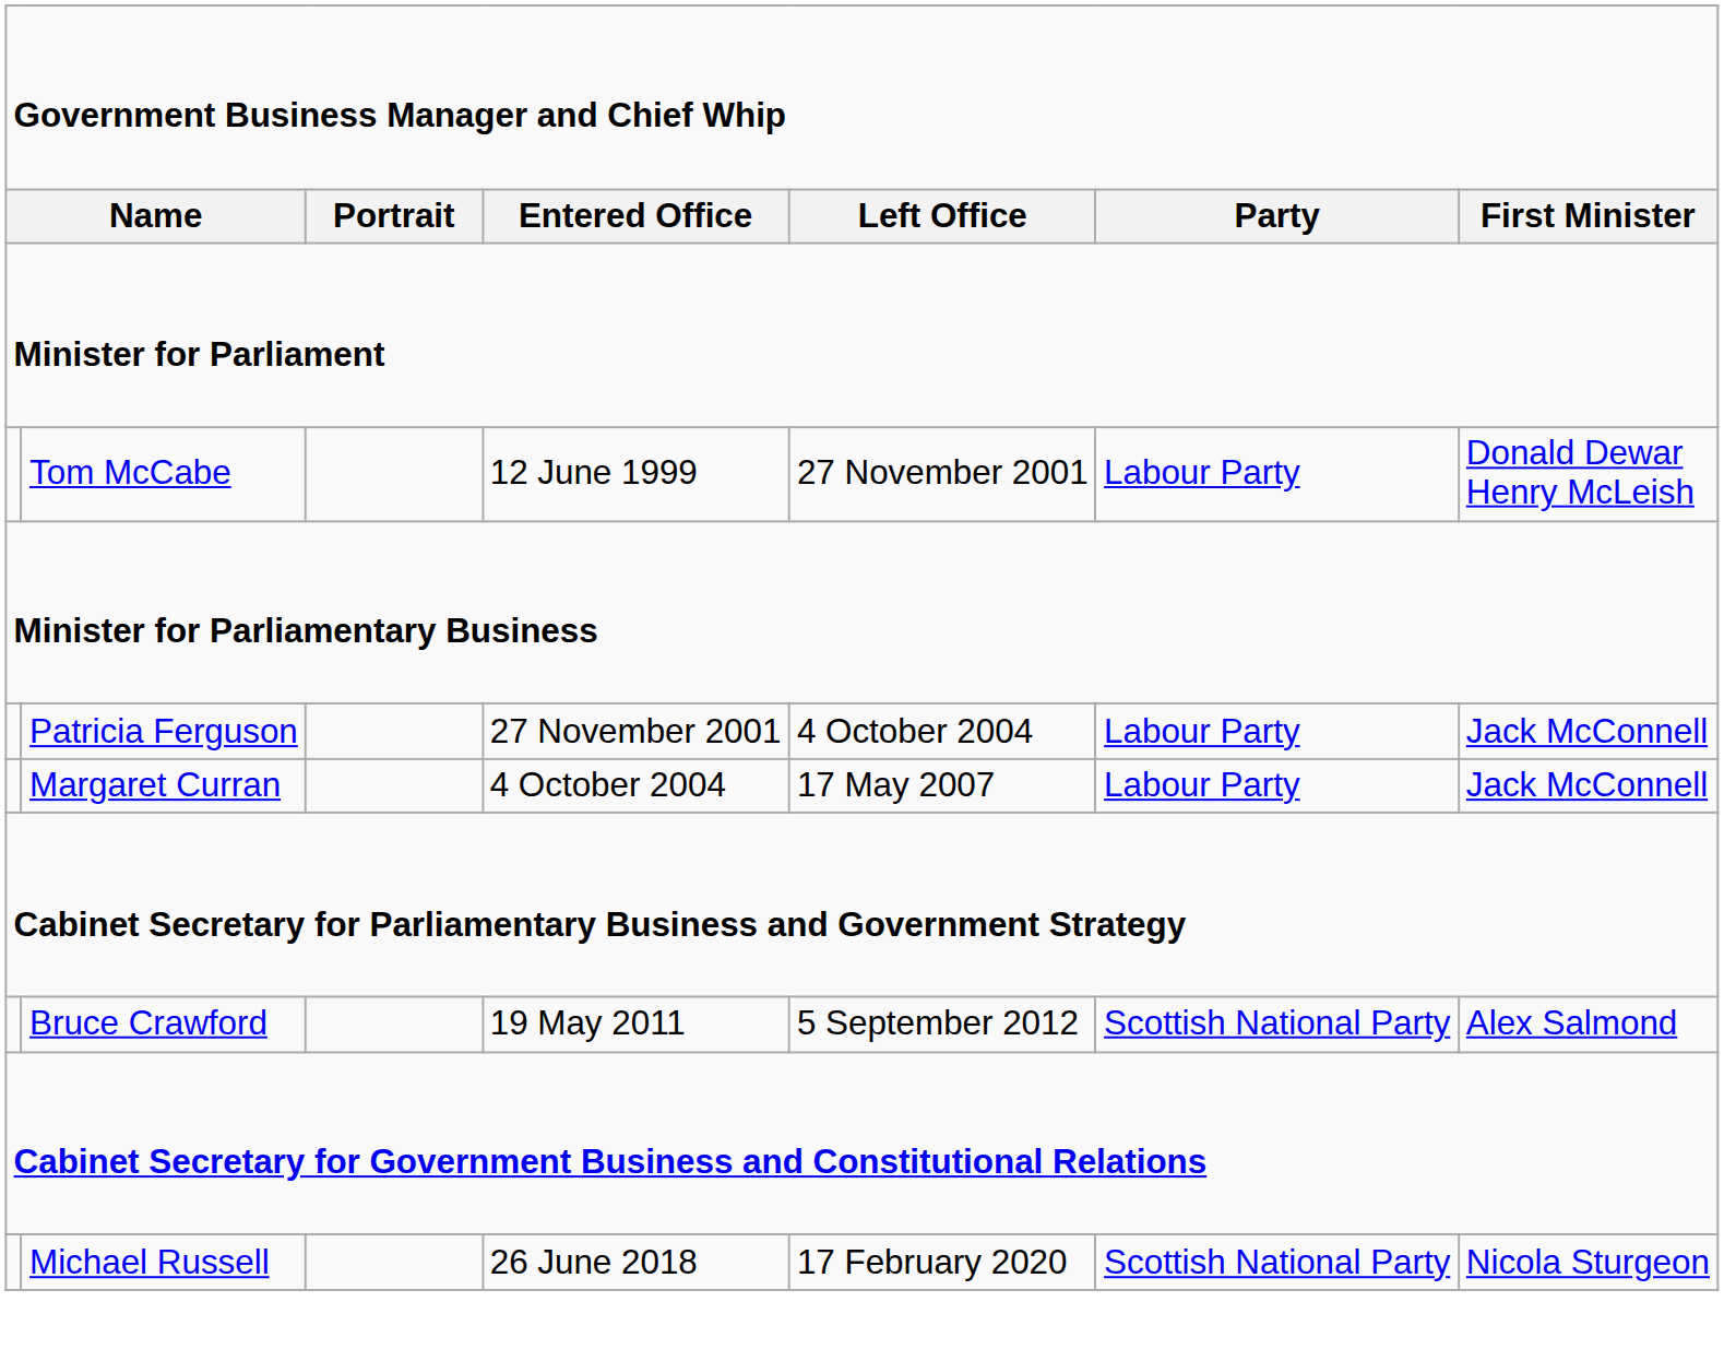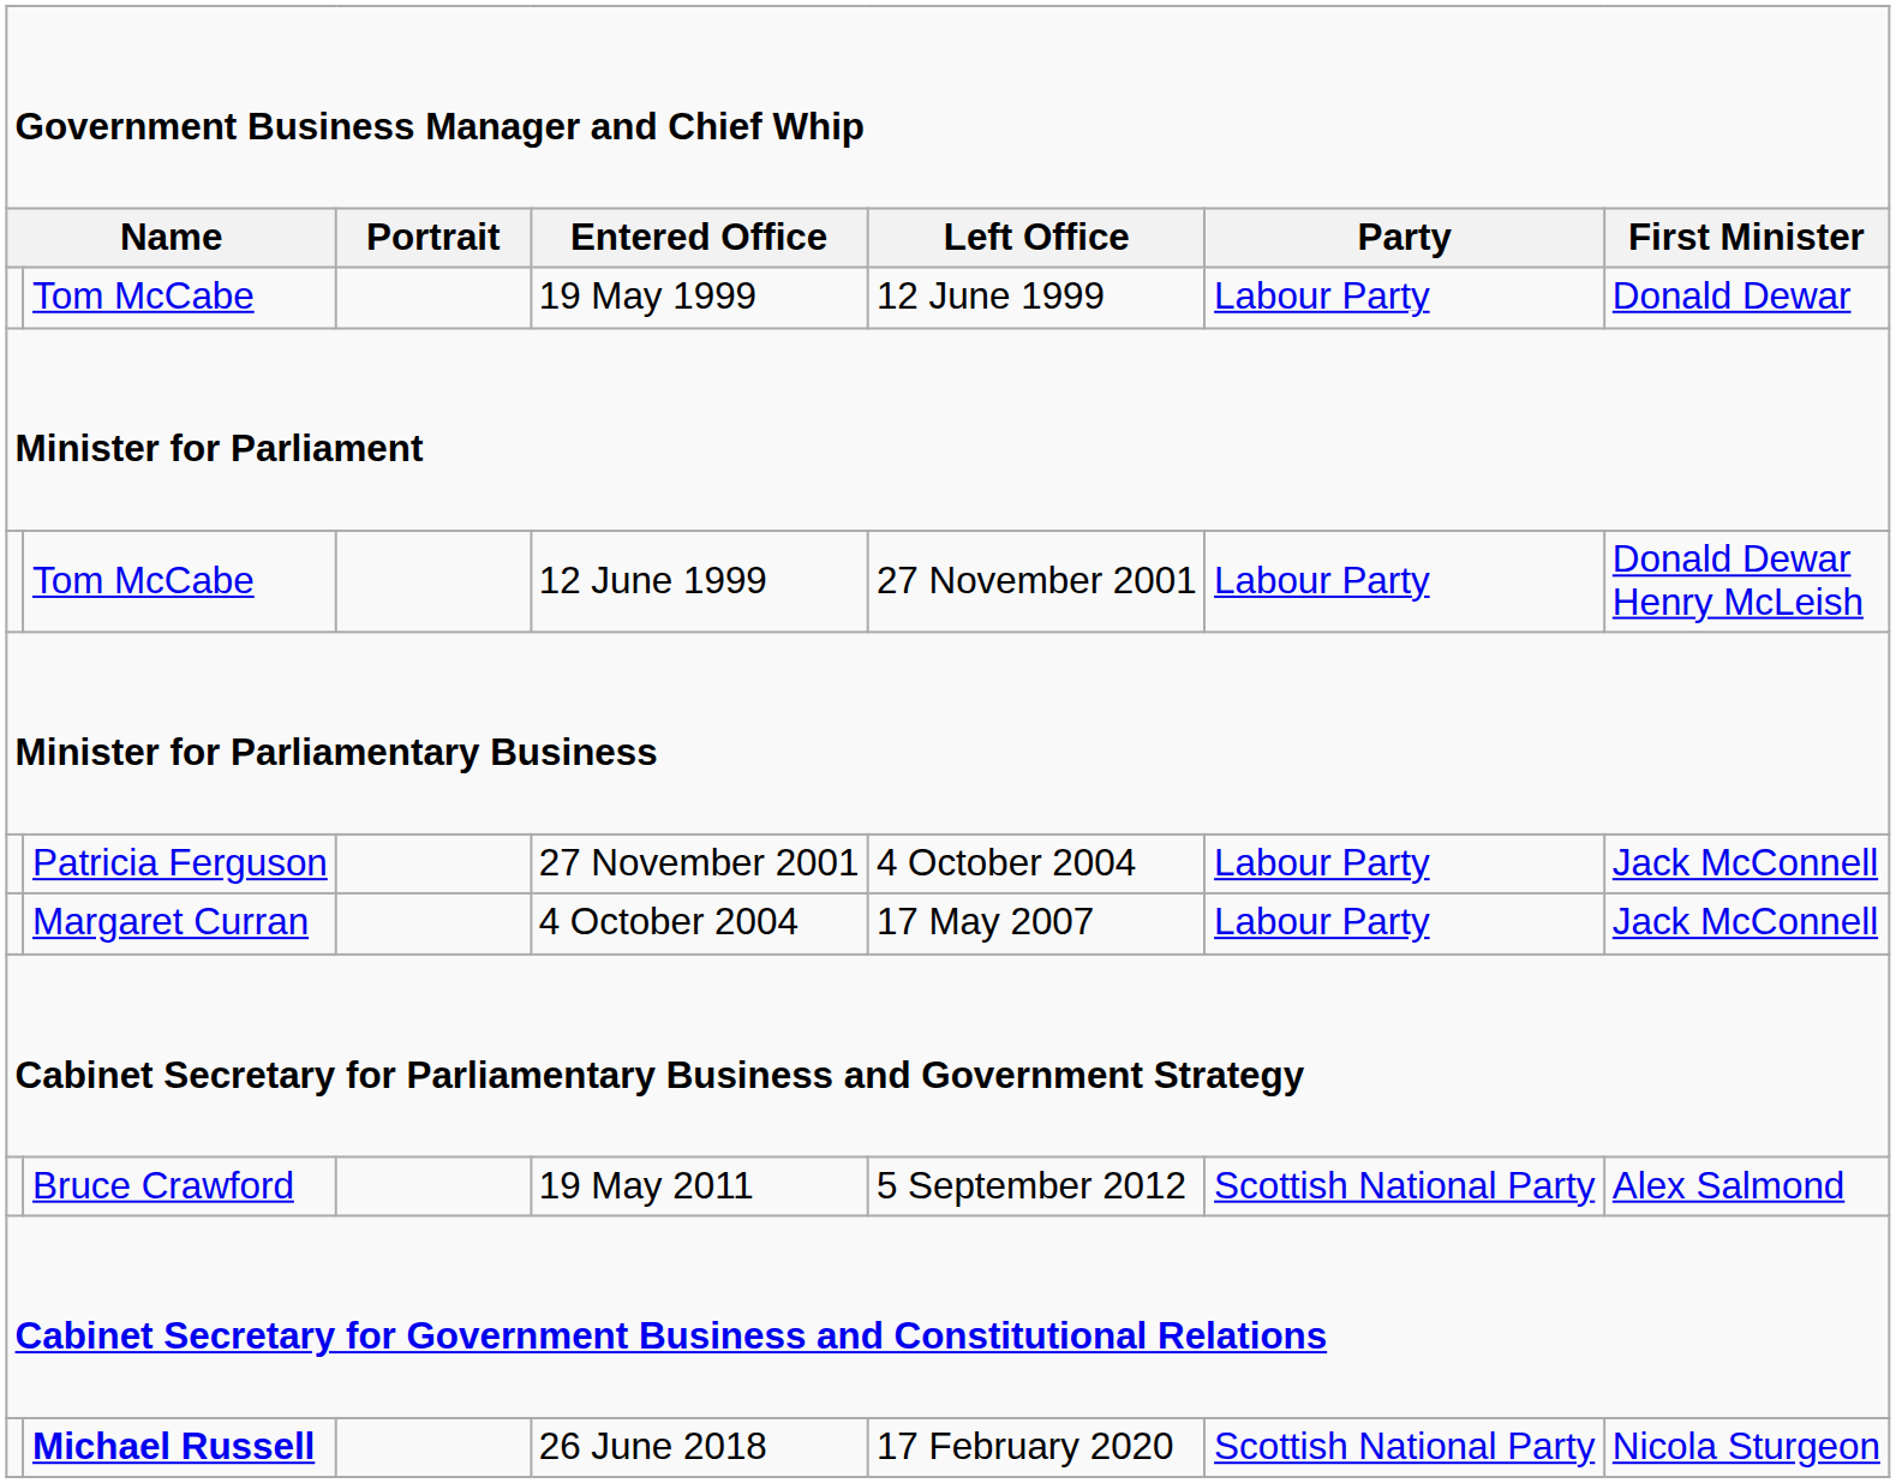 <table class="wikitable" style="margin: 0 0 0 1em; background: #f9f9f9; border: 1px #aaaaaa solid; border-collapse: collapse; ">
 <tr>
 <td colspan="7"><br><h4>Government Business Manager and Chief Whip</h4></td>
 </tr>
 <tr>
 <th colspan="2">Name</th>
 <th width=75>Portrait</th>
 <th>Entered Office</th>
 <th>Left Office</th>
 <th>Party</th>
 <th>First Minister</th>
+</tr>
+<tr>
+<td></td>
+<td><a href='#'>Tom McCabe</a></td>
+<td></td>
+<td>19 May 1999</td>
+<td>12 June 1999</td>
+<td><a href='#'>Labour Party</a></td>
+<td><a href='#'>Donald Dewar</a></td>
 </tr>
 <tr>
 <td colspan="7"><br><h4>Minister for Parliament</h4></td>
 </tr>
 <tr>
 <td></td>
 <td><a href='#'>Tom McCabe</a></td>
 <td></td>
 <td>12 June 1999</td>
 <td>27 November 2001</td>
 <td><a href='#'>Labour Party</a></td>
 <td><a href='#'>Donald Dewar</a><br> <a href='#'>Henry McLeish</a></td>
 </tr>
 <tr>
 <td colspan="7"><br><h4>Minister for Parliamentary Business</h4></td>
 </tr>
 <tr>
 <td></td>
 <td><a href='#'>Patricia Ferguson</a></td>
 <td></td>
 <td>27 November 2001</td>
 <td>4 October 2004</td>
 <td><a href='#'>Labour Party</a></td>
 <td><a href='#'>Jack McConnell</a></td>
 </tr>
 <tr>
 <td></td>
 <td><a href='#'>Margaret Curran</a></td>
 <td></td>
 <td>4 October 2004</td>
 <td>17 May 2007</td>
 <td><a href='#'>Labour Party</a></td>
 <td><a href='#'>Jack McConnell</a></td>
 </tr>
 <tr>
 <td colspan="7"><br><h4>Cabinet Secretary for Parliamentary Business and Government Strategy</h4></td>
 </tr>
 <tr>
 <td></td>
 <td><a href='#'>Bruce Crawford</a></td>
 <td></td>
 <td>19 May 2011</td>
 <td>5 September 2012</td>
 <td><a href='#'>Scottish National Party</a></td>
 <td><a href='#'>Alex Salmond</a></td>
 </tr>
 <tr>
 <td colspan="7"><br><h4><a href='#'>Cabinet Secretary for Government Business and Constitutional Relations</a></h4></td>
 </tr>
 <tr>
 <td></td>
-<td><a href='#'>Michael Russell</a></td>
+<td><strong><a href='#'>Michael Russell</a></strong></td>
 <td></td>
 <td>26 June 2018</td>
 <td>17 February 2020</td>
 <td><a href='#'>Scottish National Party</a></td>
 <td><a href='#'>Nicola Sturgeon</a></td>
 </tr>
 </table>
